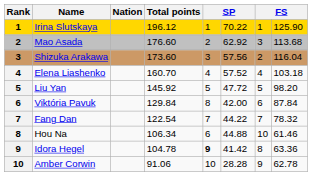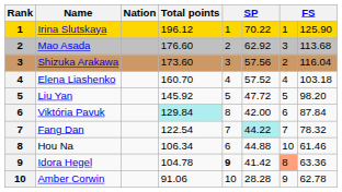 <table class="wikitable">
 <tr>
 <th>Rank</th>
 <th>Name</th>
 <th>Nation</th>
 <th>Total points</th>
 <th colspan="2" width="80px"><a href='#'>SP</a></th>
 <th colspan="2" width="80px"><a href='#'>FS</a></th>
 </tr>
 <tr bgcolor="gold">
 <td align="center"><strong>1</strong></td>
 <td><a href='#'>Irina Slutskaya</a></td>
 <td></td>
 <td>196.12</td>
 <td>1</td>
 <td>70.22</td>
 <td>1</td>
 <td>125.90</td>
 </tr>
 <tr bgcolor="silver">
 <td align="center"><strong>2</strong></td>
 <td><a href='#'>Mao Asada</a></td>
 <td></td>
 <td>176.60</td>
 <td>2</td>
 <td>62.92</td>
 <td>3</td>
 <td>113.68</td>
 </tr>
 <tr bgcolor="cc9966">
 <td align="center"><strong>3</strong></td>
 <td><a href='#'>Shizuka Arakawa</a></td>
 <td></td>
 <td>173.60</td>
 <td>3</td>
 <td>57.56</td>
 <td>2</td>
 <td>116.04</td>
 </tr>
 <tr>
 <th>4</th>
 <td><a href='#'>Elena Liashenko</a></td>
 <td></td>
 <td>160.70</td>
 <td>4</td>
 <td>57.52</td>
 <td>4</td>
 <td>103.18</td>
 </tr>
 <tr>
 <th>5</th>
 <td><a href='#'>Liu Yan</a></td>
 <td></td>
 <td>145.92</td>
 <td>5</td>
 <td>47.72</td>
 <td>5</td>
 <td>98.20</td>
 </tr>
 <tr>
 <th>6</th>
 <td><a href='#'>Viktória Pavuk</a></td>
 <td></td>
-<td>129.84</td>
+<td style="background: paleturquoise;">129.84</td>
 <td>8</td>
 <td>42.00</td>
 <td>6</td>
 <td>87.84</td>
 </tr>
 <tr>
 <th>7</th>
 <td><a href='#'>Fang Dan</a></td>
 <td></td>
 <td>122.54</td>
 <td>7</td>
-<td>44.22</td>
+<td style="background: paleturquoise;">44.22</td>
 <td>7</td>
 <td>78.32</td>
 </tr>
 <tr>
 <th>8</th>
 <td>Hou Na</td>
 <td></td>
 <td>106.34</td>
 <td>6</td>
 <td>44.88</td>
 <td>10</td>
 <td>61.46</td>
 </tr>
 <tr>
 <th>9</th>
 <td><a href='#'>Idora Hegel</a></td>
 <td></td>
 <td>104.78</td>
 <td><strong>9</strong></td>
 <td>41.42</td>
-<td>8</td>
+<td style="background: lightsalmon;">8</td>
 <td>63.36</td>
 </tr>
 <tr>
 <th>10</th>
 <td><a href='#'>Amber Corwin</a></td>
 <td></td>
 <td>91.06</td>
 <td>10</td>
 <td>28.28</td>
 <td>9</td>
 <td>62.78</td>
 </tr>
 </table>
